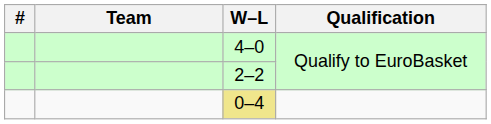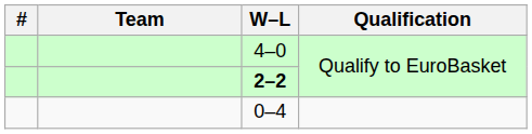 <table class=wikitable style="text-align:center;">
 <tr>
 <th width=20px>#</th>
 <th width=160px>Team</th>
 <th width=40px>W–L</th>
 <th width=180px>Qualification</th>
 </tr>
 <tr bgcolor=#CCFFCC>
 <td></td>
 <td align=left></td>
 <td>4–0</td>
 <td rowspan=2>Qualify to EuroBasket</td>
 </tr>
 <tr bgcolor=#CCFFCC>
 <td></td>
 <td align=left></td>
-<td>2–2</td>
+<td><strong>2–2</strong></td>
 </tr>
 <tr>
 <td></td>
 <td align=left></td>
-<td style="background: khaki;">0–4</td>
+<td>0–4</td>
 </tr>
 </table>
